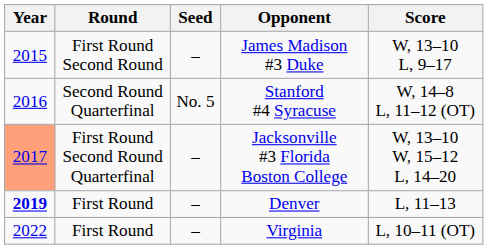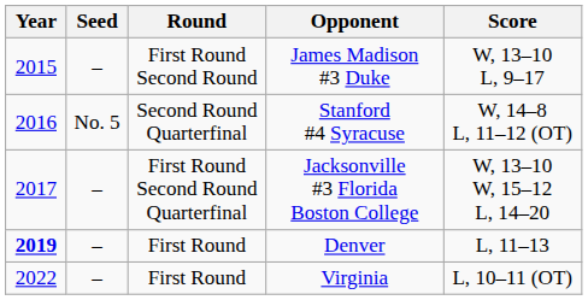 <table class="wikitable">
 <tr>
 <th style="width:40px; ">Year</th>
+<th style="width:40px; ">Seed</th>
 <th style="width:100px; ">Round</th>
-<th style="width:40px; ">Seed</th>
 <th style="width:130px; ">Opponent</th>
 <th style="width:100px; ">Score</th>
 </tr>
 <tr align="center">
 <td><a href='#'>2015</a></td>
+<td>–</td>
 <td>First Round<br>Second Round</td>
-<td>–</td>
 <td><a href='#'>James Madison</a><br>#3 <a href='#'>Duke</a></td>
 <td>W, 13–10<br>L, 9–17</td>
 </tr>
 <tr align="center">
 <td><a href='#'>2016</a></td>
+<td>No. 5</td>
 <td>Second Round<br>Quarterfinal</td>
-<td>No. 5</td>
 <td><a href='#'>Stanford</a><br>#4 <a href='#'>Syracuse</a></td>
 <td>W, 14–8<br>L, 11–12 (OT)</td>
 </tr>
 <tr align="center">
-<td style="background: lightsalmon;"><a href='#'>2017</a></td>
+<td><a href='#'>2017</a></td>
+<td>–</td>
 <td>First Round<br>Second Round<br>Quarterfinal</td>
-<td>–</td>
 <td><a href='#'>Jacksonville</a><br>#3 <a href='#'>Florida</a><br><a href='#'>Boston College</a></td>
 <td>W, 13–10<br>W, 15–12<br>L, 14–20</td>
 </tr>
 <tr align="center">
 <td><strong><a href='#'>2019</a></strong></td>
+<td>–</td>
 <td>First Round</td>
-<td>–</td>
 <td><a href='#'>Denver</a><br></td>
 <td>L, 11–13<br></td>
 </tr>
 <tr align="center">
 <td><a href='#'>2022</a></td>
+<td>–</td>
 <td>First Round</td>
-<td>–</td>
 <td><a href='#'>Virginia</a><br></td>
 <td>L, 10–11 (OT)<br></td>
 </tr>
 </table>
